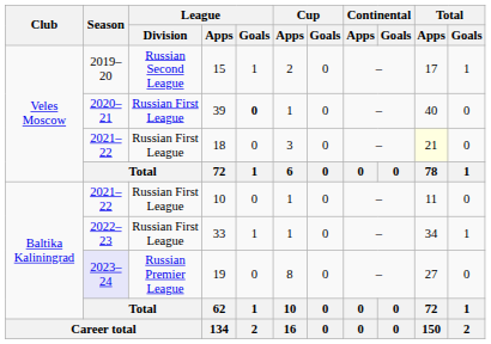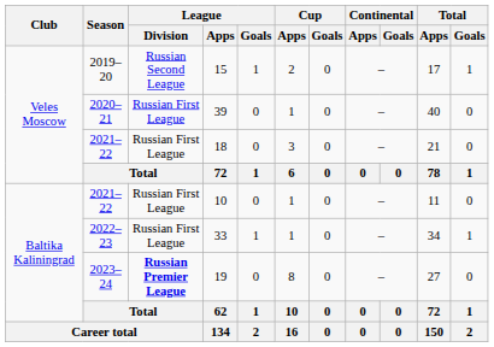 <table class="wikitable" style="text-align: center;">
 <tr>
 <th rowspan=2>Club</th>
 <th rowspan=2>Season</th>
 <th colspan=3>League</th>
 <th colspan=2>Cup</th>
 <th colspan=2>Continental</th>
 <th colspan=2>Total</th>
 </tr>
 <tr>
 <th>Division</th>
 <th>Apps</th>
 <th>Goals</th>
 <th>Apps</th>
 <th>Goals</th>
 <th>Apps</th>
 <th>Goals</th>
 <th>Apps</th>
 <th>Goals</th>
 </tr>
 <tr>
 <td rowspan="4"><a href='#'>Veles Moscow</a></td>
 <td>2019–20</td>
 <td><a href='#'>Russian Second League</a></td>
 <td>15</td>
 <td>1</td>
 <td>2</td>
 <td>0</td>
 <td colspan=2>–</td>
 <td>17</td>
 <td>1</td>
 </tr>
 <tr>
 <td><a href='#'>2020–21</a></td>
 <td><a href='#'>Russian First League</a></td>
 <td>39</td>
-<td><strong>0</strong></td>
+<td>0</td>
 <td>1</td>
 <td>0</td>
 <td colspan=2>–</td>
 <td>40</td>
 <td>0</td>
 </tr>
 <tr>
 <td><a href='#'>2021–22</a></td>
 <td>Russian First League</td>
 <td>18</td>
 <td>0</td>
 <td>3</td>
 <td>0</td>
 <td colspan=2>–</td>
-<td style="background: lightyellow;">21</td>
+<td>21</td>
 <td>0</td>
 </tr>
 <tr>
 <th colspan=2>Total</th>
 <th>72</th>
 <th>1</th>
 <th>6</th>
 <th>0</th>
 <th>0</th>
 <th>0</th>
 <th>78</th>
 <th>1</th>
 </tr>
 <tr>
 <td rowspan="4"><a href='#'>Baltika Kaliningrad</a></td>
 <td><a href='#'>2021–22</a></td>
 <td>Russian First League</td>
 <td>10</td>
 <td>0</td>
 <td>1</td>
 <td>0</td>
 <td colspan=2>–</td>
 <td>11</td>
 <td>0</td>
 </tr>
 <tr>
 <td><a href='#'>2022–23</a></td>
 <td>Russian First League</td>
 <td>33</td>
 <td>1</td>
 <td>1</td>
 <td>0</td>
 <td colspan=2>–</td>
 <td>34</td>
 <td>1</td>
 </tr>
 <tr>
-<td style="background: lavender;"><a href='#'>2023–24</a></td>
-<td><a href='#'>Russian Premier League</a></td>
+<td><a href='#'>2023–24</a></td>
+<td><strong><a href='#'>Russian Premier League</a></strong></td>
 <td>19</td>
 <td>0</td>
 <td>8</td>
 <td>0</td>
 <td colspan=2>–</td>
 <td>27</td>
 <td>0</td>
 </tr>
 <tr>
 <th colspan=2>Total</th>
 <th>62</th>
 <th>1</th>
 <th>10</th>
 <th>0</th>
 <th>0</th>
 <th>0</th>
 <th>72</th>
 <th>1</th>
 </tr>
 <tr>
 <th colspan=3>Career total</th>
 <th>134</th>
 <th>2</th>
 <th>16</th>
 <th>0</th>
 <th>0</th>
 <th>0</th>
 <th>150</th>
 <th>2</th>
 </tr>
 </table>
